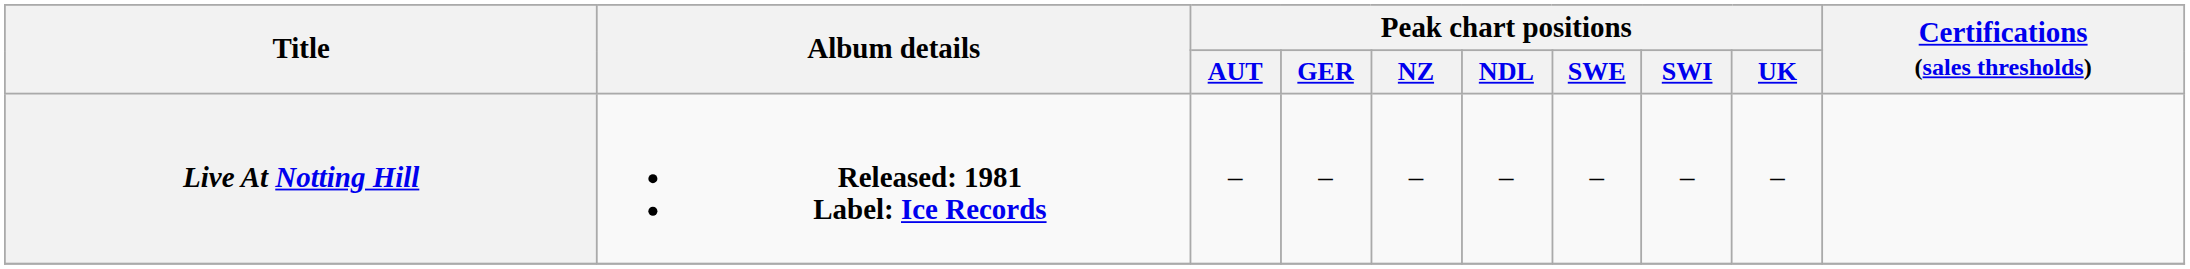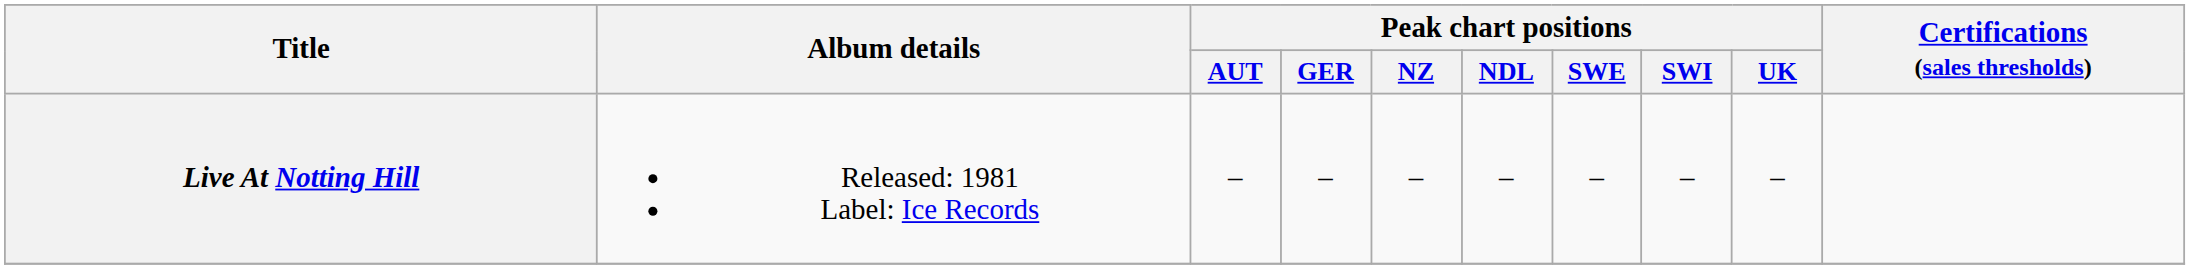 <table class="wikitable plainrowheaders" style="text-align:center;" border="1">
 <tr>
 <th scope="col" rowspan="2" style="width:20em;">Title</th>
 <th scope="col" rowspan="2" style="width:20em;">Album details</th>
 <th scope="col" colspan="7">Peak chart positions</th>
 <th rowspan="2" style="width:12em;"><a href='#'>Certifications</a><br><small>(<a href='#'>sales thresholds</a>)</small></th>
 </tr>
 <tr>
 <th scope="col" style="width:3em;font-size:90%;"><a href='#'>AUT</a><br></th>
 <th scope="col" style="width:3em;font-size:90%;"><a href='#'>GER</a><br></th>
 <th scope="col" style="width:3em;font-size:90%;"><a href='#'>NZ</a><br></th>
 <th scope="col" style="width:3em;font-size:90%;"><a href='#'>NDL</a><br></th>
 <th scope="col" style="width:3em;font-size:90%;"><a href='#'>SWE</a><br></th>
 <th scope="col" style="width:3em;font-size:90%;"><a href='#'>SWI</a><br></th>
 <th scope="col" style="width:3em;font-size:90%;"><a href='#'>UK</a><br></th>
 </tr>
 <tr>
 <th scope="row"><em>Live At <a href='#'>Notting Hill</a></em><br></th>
-<td><strong><br><ul><li>Released: 1981</li><li>Label: <a href='#'>Ice Records</a></li></ul></strong></td>
+<td><br><ul><li>Released: 1981</li><li>Label: <a href='#'>Ice Records</a></li></ul></td>
 <td align="center">–</td>
 <td align="center">–</td>
 <td align="center">–</td>
 <td align="center">–</td>
 <td align="center">–</td>
 <td align="center">–</td>
 <td align="center">–</td>
 <td></td>
 </tr>
 <tr>
 </tr>
 </table>
